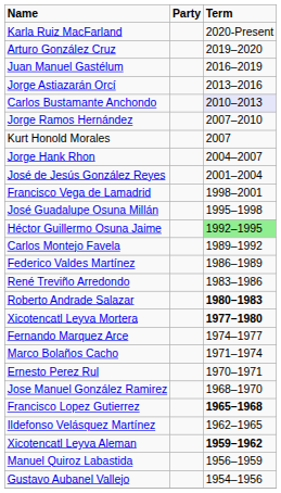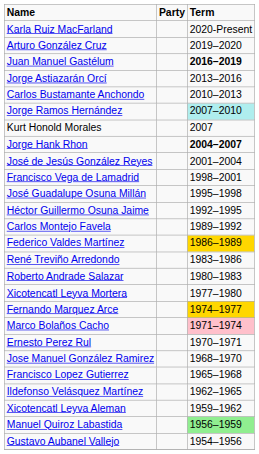 <table class="wikitable">
 <tr>
 <td><strong>Name</strong></td>
 <td><strong>Party</strong></td>
 <td><strong>Term</strong></td>
 </tr>
 <tr>
 <td><a href='#'>Karla Ruiz MacFarland</a></td>
 <td></td>
 <td>2020-Present</td>
 </tr>
 <tr>
 <td><a href='#'>Arturo González Cruz</a></td>
 <td></td>
 <td>2019–2020</td>
 </tr>
 <tr>
 <td><a href='#'>Juan Manuel Gastélum</a></td>
 <td></td>
-<td>2016–2019</td>
+<td><strong>2016–2019</strong></td>
 </tr>
 <tr>
 <td><a href='#'>Jorge Astiazarán Orcí</a></td>
 <td></td>
 <td>2013–2016</td>
 </tr>
 <tr>
 <td><a href='#'>Carlos Bustamante Anchondo</a></td>
 <td></td>
-<td style="background: lavender;">2010–2013</td>
+<td>2010–2013</td>
 </tr>
 <tr>
 <td><a href='#'>Jorge Ramos Hernández</a></td>
 <td></td>
-<td>2007–2010</td>
+<td style="background: paleturquoise;">2007–2010</td>
 </tr>
 <tr>
 <td>Kurt Honold Morales</td>
 <td></td>
 <td>2007</td>
 </tr>
 <tr>
 <td><a href='#'>Jorge Hank Rhon</a></td>
 <td></td>
-<td>2004–2007</td>
+<td><strong>2004–2007</strong></td>
 </tr>
 <tr>
 <td><a href='#'>José de Jesús González Reyes</a></td>
 <td></td>
 <td>2001–2004</td>
 </tr>
 <tr>
 <td><a href='#'>Francisco Vega de Lamadrid</a></td>
 <td></td>
 <td>1998–2001</td>
 </tr>
 <tr>
 <td><a href='#'>José Guadalupe Osuna Millán</a></td>
 <td></td>
 <td>1995–1998</td>
 </tr>
 <tr>
 <td><a href='#'>Héctor Guillermo Osuna Jaime</a></td>
 <td></td>
-<td style="background: lightgreen;">1992–1995</td>
+<td>1992–1995</td>
 </tr>
 <tr>
 <td><a href='#'>Carlos Montejo Favela</a></td>
 <td></td>
 <td>1989–1992</td>
 </tr>
 <tr>
 <td><a href='#'>Federico Valdes Martínez</a></td>
 <td></td>
-<td>1986–1989</td>
+<td style="background: gold;">1986–1989</td>
 </tr>
 <tr>
 <td><a href='#'>René Treviño Arredondo</a></td>
 <td></td>
 <td>1983–1986</td>
 </tr>
 <tr>
 <td><a href='#'>Roberto Andrade Salazar</a></td>
 <td></td>
-<td><strong>1980–1983</strong></td>
+<td>1980–1983</td>
 </tr>
 <tr>
 <td><a href='#'>Xicotencatl Leyva Mortera</a></td>
 <td></td>
-<td><strong>1977–1980</strong></td>
+<td>1977–1980</td>
 </tr>
 <tr>
 <td><a href='#'>Fernando Marquez Arce</a></td>
 <td></td>
-<td>1974–1977</td>
+<td style="background: gold;">1974–1977</td>
 </tr>
 <tr>
 <td><a href='#'>Marco Bolaños Cacho</a></td>
 <td></td>
-<td>1971–1974</td>
+<td style="background: pink;">1971–1974</td>
 </tr>
 <tr>
 <td><a href='#'>Ernesto Perez Rul</a></td>
 <td></td>
 <td>1970–1971</td>
 </tr>
 <tr>
 <td><a href='#'>Jose Manuel González Ramirez</a></td>
 <td></td>
 <td>1968–1970</td>
 </tr>
 <tr>
 <td><a href='#'>Francisco Lopez Gutierrez</a></td>
 <td></td>
-<td><strong>1965–1968</strong></td>
+<td>1965–1968</td>
 </tr>
 <tr>
 <td><a href='#'>Ildefonso Velásquez Martínez </a></td>
 <td></td>
 <td>1962–1965</td>
 </tr>
 <tr>
 <td><a href='#'>Xicotencatl Leyva Aleman</a></td>
 <td></td>
-<td><strong>1959–1962</strong></td>
+<td>1959–1962</td>
 </tr>
 <tr>
 <td><a href='#'>Manuel Quiroz Labastida</a></td>
 <td></td>
-<td>1956–1959</td>
+<td style="background: lightgreen;">1956–1959</td>
 </tr>
 <tr>
 <td><a href='#'>Gustavo Aubanel Vallejo</a></td>
 <td></td>
 <td>1954–1956</td>
 </tr>
 <tr>
 </tr>
 </table>
